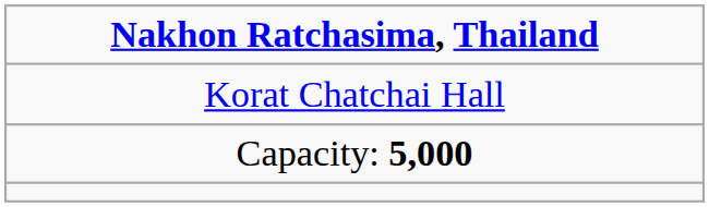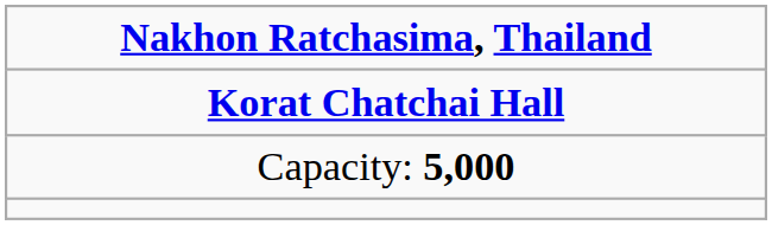 <table class=wikitable style=text-align:center width=300>
 <tr>
 <td> <strong><a href='#'>Nakhon Ratchasima</a>, <a href='#'>Thailand</a></strong></td>
 </tr>
 <tr>
-<td><a href='#'>Korat Chatchai Hall</a></td>
+<td><strong><a href='#'>Korat Chatchai Hall</a></strong></td>
 </tr>
 <tr>
 <td>Capacity: <strong>5,000</strong></td>
 </tr>
 <tr>
 <td></td>
 </tr>
 </table>
